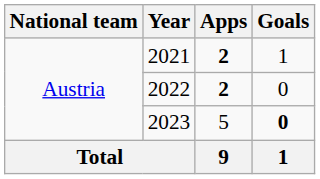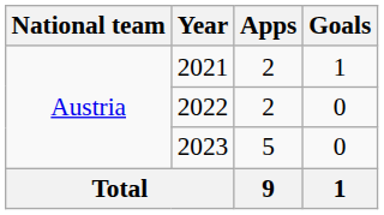 <table class=wikitable style=text-align:center>
 <tr>
 <th>National team</th>
 <th>Year</th>
 <th>Apps</th>
 <th>Goals</th>
 </tr>
 <tr>
 <td rowspan="3"><a href='#'>Austria</a></td>
 <td>2021</td>
-<td><strong>2</strong></td>
+<td>2</td>
 <td>1</td>
 </tr>
 <tr>
 <td>2022</td>
-<td><strong>2</strong></td>
+<td>2</td>
 <td>0</td>
 </tr>
 <tr>
 <td>2023</td>
 <td>5</td>
-<td><strong>0</strong></td>
+<td>0</td>
 </tr>
 <tr>
 <th colspan="2">Total</th>
 <th>9</th>
 <th>1</th>
 </tr>
 </table>
